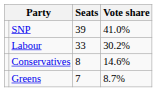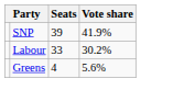 <table class="wikitable">
 <tr>
 <th scope="col" colspan="2">Party</th>
 <th scope="col">Seats</th>
 <th scope="col">Vote share</th>
 </tr>
 <tr>
 <td style="background-color: "></td>
 <td scope="row"><a href='#'>SNP</a></td>
 <td>39</td>
-<td>41.0%</td>
+<td>41.9%</td>
 </tr>
 <tr>
 <td style="background-color: "></td>
 <td scope="row"><a href='#'>Labour</a></td>
 <td>33</td>
 <td>30.2%</td>
 </tr>
 <tr>
 <td style="background-color: "></td>
-<td scope="row"><a href='#'>Conservatives</a></td>
-<td>8</td>
-<td>14.6%</td>
-</tr>
-<tr>
-<td style="background-color: "></td>
 <td scope="row"><a href='#'>Greens</a></td>
-<td>7</td>
-<td>8.7%</td>
+<td>4</td>
+<td>5.6%</td>
 </tr>
 </table>
